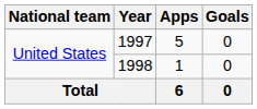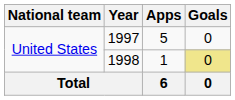 <table class="wikitable" style="text-align:center">
 <tr>
 <th>National team</th>
 <th>Year</th>
 <th>Apps</th>
 <th>Goals</th>
 </tr>
 <tr>
 <td rowspan="2"><a href='#'>United States</a></td>
 <td>1997</td>
 <td>5</td>
 <td>0</td>
 </tr>
 <tr>
 <td>1998</td>
 <td>1</td>
-<td>0</td>
+<td style="background: khaki;">0</td>
 </tr>
 <tr>
 <th colspan="2">Total</th>
 <th>6</th>
 <th>0</th>
 </tr>
 </table>
